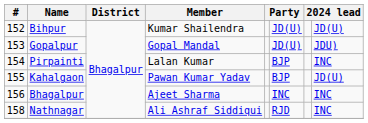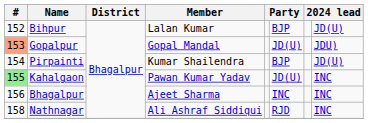 <table class="wikitable">
 <tr>
 <th>#</th>
 <th>Name</th>
 <th>District</th>
 <th>Member</th>
 <th colspan="2">Party</th>
 <th colspan="2">2024 lead</th>
 </tr>
 <tr>
 <td>152</td>
 <td><a href='#'>Bihpur</a></td>
 <td rowspan="6"><a href='#'>Bhagalpur</a></td>
-<td>Kumar Shailendra</td>
+<td>Lalan Kumar</td>
 <td style="background-color: "></td>
-<td><a href='#'>JD(U)</a></td>
+<td><a href='#'>BJP</a></td>
 <td style="background-color: "></td>
 <td><a href='#'>JD(U)</a></td>
 </tr>
 <tr>
-<td>153</td>
+<td style="background: lightsalmon;">153</td>
 <td><a href='#'>Gopalpur</a></td>
 <td><a href='#'>Gopal Mandal</a></td>
 <td style="background-color: "></td>
 <td><a href='#'>JD(U)</a></td>
 <td style="background-color: "></td>
 <td><a href='#'>JDU)</a></td>
 </tr>
 <tr>
 <td>154</td>
 <td><a href='#'>Pirpainti</a></td>
-<td>Lalan Kumar</td>
-<td style="background-color: "></td>
-<td><a href='#'>BJP</a></td>
-<td style="background-color: "></td>
-<td><a href='#'>INC</a></td>
-</tr>
-<tr>
-<td>155</td>
-<td><a href='#'>Kahalgaon</a></td>
-<td><a href='#'>Pawan Kumar Yadav</a></td>
+<td>Kumar Shailendra</td>
 <td style="background-color: "></td>
 <td><a href='#'>BJP</a></td>
 <td style="background-color: "></td>
 <td><a href='#'>JD(U)</a></td>
+</tr>
+<tr>
+<td style="background: lightgreen;">155</td>
+<td><a href='#'>Kahalgaon</a></td>
+<td><a href='#'>Pawan Kumar Yadav</a></td>
+<td style="background-color: "></td>
+<td><a href='#'>JD(U)</a></td>
+<td style="background-color: "></td>
+<td><a href='#'>INC</a></td>
 </tr>
 <tr>
 <td>156</td>
 <td><a href='#'>Bhagalpur</a></td>
 <td><a href='#'>Ajeet Sharma</a></td>
 <td style="background-color: "></td>
 <td><a href='#'>INC</a></td>
 <td style="background-color: "></td>
 <td><a href='#'>INC</a></td>
 </tr>
 <tr>
 <td>158</td>
 <td><a href='#'>Nathnagar</a></td>
 <td><a href='#'>Ali Ashraf Siddiqui</a></td>
 <td style="background-color: "></td>
 <td><a href='#'>RJD</a></td>
 <td style="background-color: "></td>
 <td><a href='#'>INC</a></td>
 </tr>
 <tr>
 </tr>
 </table>
